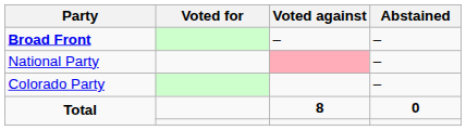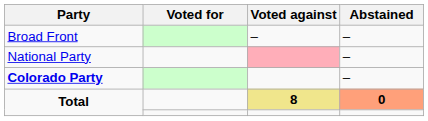 <table class="wikitable">
 <tr>
 <th style="width:33%;">Party</th>
 <th style="width:25%;">Voted for</th>
 <th>Voted against</th>
 <th style="width:20%;">Abstained</th>
 </tr>
 <tr>
-<td><strong> <a href='#'>Broad Front</a></strong></td>
+<td> <a href='#'>Broad Front</a></td>
 <td style="background-color:#CCFFCC;"></td>
 <td>–</td>
 <td>–</td>
 </tr>
 <tr>
 <td> <a href='#'>National Party</a></td>
 <td></td>
 <td style="background-color:#FFAEB9;"></td>
 <td>–</td>
 </tr>
 <tr>
-<td> <a href='#'>Colorado Party</a></td>
+<td><strong> <a href='#'>Colorado Party</a></strong></td>
 <td style="background-color:#CCFFCC;"></td>
 <td></td>
 <td>–</td>
 </tr>
 <tr>
 <td style="text-align:center;" rowspan="2"><strong>Total</strong></td>
 <td></td>
-<td style="text-align:center;"><strong>8</strong></td>
-<td style="text-align:center;"><strong>0</strong></td>
+<td style="background: khaki; text-align:center;"><strong>8</strong></td>
+<td style="background: lightsalmon; text-align:center;"><strong>0</strong></td>
 </tr>
 <tr>
 <td style="text-align:center;"></td>
 <td style="text-align:center;"></td>
 <td style="text-align:center;"></td>
 </tr>
 </table>
